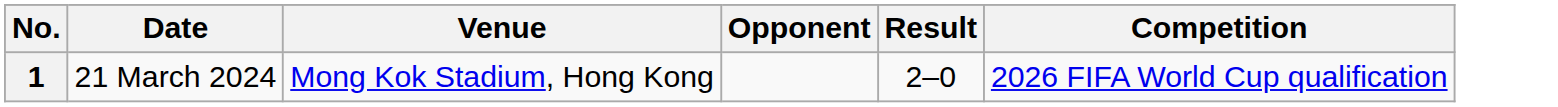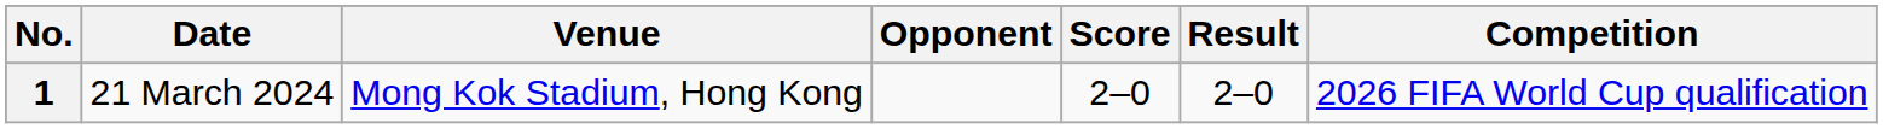 <table class="wikitable sortable" style="text-align:center">
 <tr>
 <th scope=col>No.</th>
 <th scope=col data-sort-type=date>Date</th>
 <th scope=col>Venue</th>
 <th scope=col>Opponent</th>
+<th scope=col>Score</th>
 <th scope=col>Result</th>
 <th scope=col>Competition</th>
 </tr>
 <tr>
 <th scope=row>1</th>
 <td>21 March 2024</td>
 <td><a href='#'>Mong Kok Stadium</a>, Hong Kong</td>
 <td></td>
 <td align=center>2–0</td>
+<td align=center>2–0</td>
 <td><a href='#'>2026 FIFA World Cup qualification</a></td>
 </tr>
 </table>
